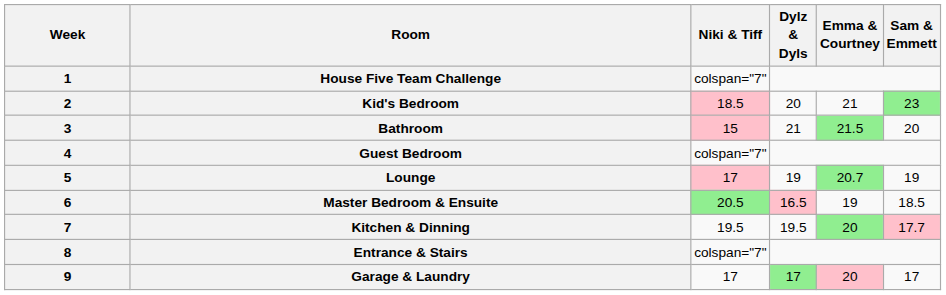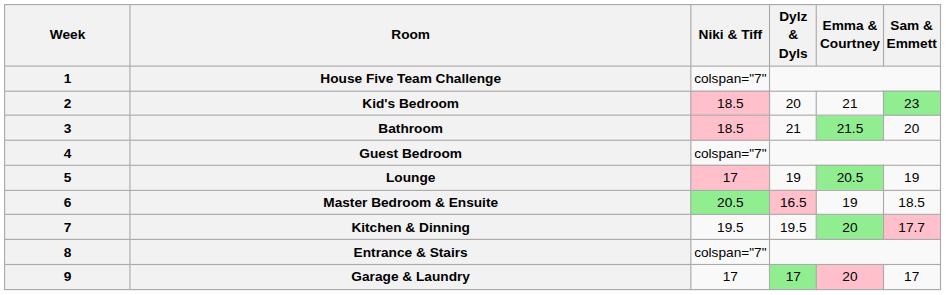 <table class="wikitable" style="text-align: center; font-size: 9pt; line-height:16px; width:65%">
 <tr>
 <th>Week</th>
 <th>Room</th>
 <th style="width:5%;" scope="col" style="background:#f4de00; color:black;">Niki & Tiff</th>
 <th style="width:5%;" scope="col" style="background:#B87BF6; background-color:orange">Dylz & Dyls</th>
 <th style="width:5%;" scope="col" style="background:skyblue; color:black;">Emma & Courtney</th>
 <th style="width:5%;" scope="col" style="background:#B87BF6; color:black;">Sam & Emmett</th>
 </tr>
 <tr>
 <th>1</th>
 <th>House Five Team Challenge</th>
 <td>colspan="7" </td>
 </tr>
 <tr>
 <th>2</th>
 <th>Kid's Bedroom</th>
 <td bgcolor="pink">18.5</td>
 <td>20</td>
 <td>21</td>
 <td bgcolor="lightgreen">23</td>
 </tr>
 <tr>
 <th>3</th>
 <th>Bathroom</th>
-<td bgcolor="pink">15</td>
+<td bgcolor="pink">18.5</td>
 <td>21</td>
 <td bgcolor="lightgreen">21.5</td>
 <td>20</td>
 </tr>
 <tr>
 <th>4</th>
 <th>Guest Bedroom</th>
 <td>colspan="7" </td>
 </tr>
 <tr>
 <th>5</th>
 <th>Lounge</th>
 <td bgcolor="pink">17</td>
 <td>19</td>
-<td bgcolor="lightgreen">20.7</td>
+<td bgcolor="lightgreen">20.5</td>
 <td>19</td>
 </tr>
 <tr>
 <th>6</th>
 <th>Master Bedroom & Ensuite</th>
 <td bgcolor="lightgreen">20.5</td>
 <td bgcolor="pink">16.5</td>
 <td>19</td>
 <td>18.5</td>
 </tr>
 <tr>
 <th>7</th>
 <th>Kitchen & Dinning</th>
 <td>19.5</td>
 <td>19.5</td>
 <td bgcolor="lightgreen">20</td>
 <td bgcolor="pink">17.7</td>
 </tr>
 <tr>
 <th>8</th>
 <th>Entrance & Stairs</th>
 <td>colspan="7" </td>
 </tr>
 <tr>
 <th>9</th>
 <th>Garage & Laundry</th>
 <td>17</td>
 <td bgcolor="lightgreen">17</td>
 <td bgcolor="pink">20</td>
 <td>17</td>
 </tr>
 </table>
